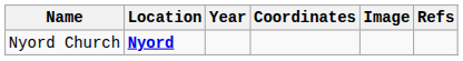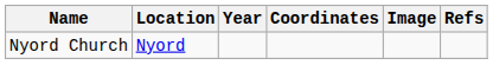 <table class="wikitable sortable">
 <tr>
 <th>Name</th>
 <th>Location</th>
 <th>Year</th>
 <th>Coordinates</th>
 <th>Image</th>
 <th>Refs</th>
 </tr>
 <tr>
 <td>Nyord Church</td>
-<td><strong><a href='#'>Nyord</a></strong></td>
+<td><a href='#'>Nyord</a></td>
 <td></td>
 <td></td>
 <td></td>
 <td></td>
 </tr>
 <tr>
 </tr>
 </table>
